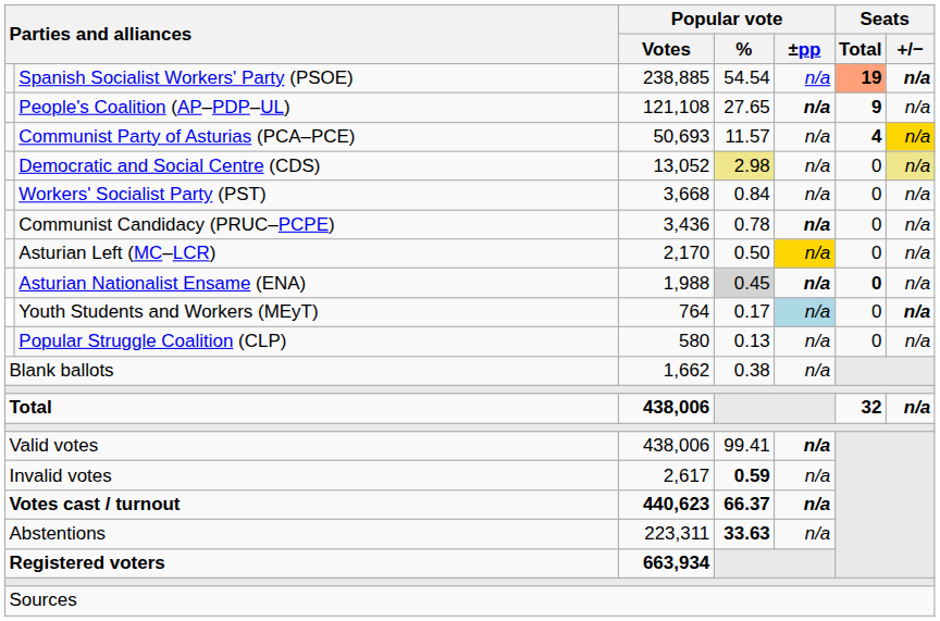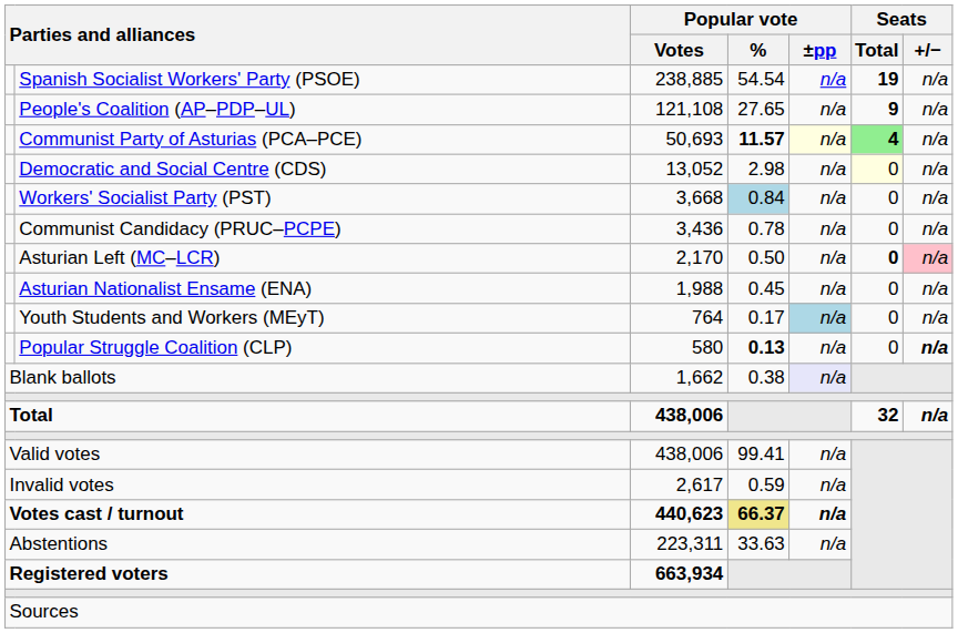 <table class="wikitable" style="text-align:right;">
 <tr>
 <th style="text-align:left;" rowspan="2" colspan="2" width="525">Parties and alliances</th>
 <th colspan="3">Popular vote</th>
 <th colspan="2">Seats</th>
 </tr>
 <tr>
 <th width="75">Votes</th>
 <th width="45">%</th>
 <th width="45">±<a href='#'>pp</a></th>
 <th width="35">Total</th>
 <th width="35">+/−</th>
 </tr>
 <tr>
 <td width="1" style="color:inherit;background:"></td>
 <td align="left"><a href='#'>Spanish Socialist Workers' Party</a> (PSOE)</td>
 <td>238,885</td>
 <td>54.54</td>
 <td><em><a href='#'>n/a</a></em></td>
-<td style="background: lightsalmon;"><strong>19</strong></td>
-<td><strong><em>n/a</em></strong></td>
+<td><strong>19</strong></td>
+<td><em>n/a</em></td>
 </tr>
 <tr>
 <td style="color:inherit;background:"></td>
 <td align="left"><a href='#'>People's Coalition</a> (<a href='#'>AP</a>–<a href='#'>PDP</a>–<a href='#'>UL</a>)</td>
 <td>121,108</td>
 <td>27.65</td>
-<td><strong><em>n/a</em></strong></td>
+<td><em>n/a</em></td>
 <td><strong>9</strong></td>
 <td><em>n/a</em></td>
 </tr>
 <tr>
 <td style="color:inherit;background:"></td>
 <td align="left"><a href='#'>Communist Party of Asturias</a> (PCA–PCE)</td>
 <td>50,693</td>
-<td>11.57</td>
+<td><strong>11.57</strong></td>
+<td style="background: lightyellow;"><em>n/a</em></td>
+<td style="background: lightgreen;"><strong>4</strong></td>
 <td><em>n/a</em></td>
-<td><strong>4</strong></td>
-<td style="background: gold;"><em>n/a</em></td>
 </tr>
 <tr>
 <td style="color:inherit;background:"></td>
 <td align="left"><a href='#'>Democratic and Social Centre</a> (CDS)</td>
 <td>13,052</td>
-<td style="background: khaki;">2.98</td>
+<td>2.98</td>
 <td><em>n/a</em></td>
-<td>0</td>
-<td style="background: khaki;"><em>n/a</em></td>
+<td style="background: lightyellow;">0</td>
+<td><em>n/a</em></td>
 </tr>
 <tr>
 <td style="color:inherit;background:"></td>
 <td align="left"><a href='#'>Workers' Socialist Party</a> (PST)</td>
 <td>3,668</td>
-<td>0.84</td>
+<td style="background: lightblue;">0.84</td>
 <td><em>n/a</em></td>
 <td>0</td>
 <td><em>n/a</em></td>
 </tr>
 <tr>
 <td style="color:inherit;background:"></td>
 <td align="left">Communist Candidacy (PRUC–<a href='#'>PCPE</a>)</td>
 <td>3,436</td>
 <td>0.78</td>
-<td><strong><em>n/a</em></strong></td>
+<td><em>n/a</em></td>
 <td>0</td>
 <td><em>n/a</em></td>
 </tr>
 <tr>
 <td style="color:inherit;background:"></td>
 <td align="left">Asturian Left (<a href='#'>MC</a>–<a href='#'>LCR</a>)</td>
 <td>2,170</td>
 <td>0.50</td>
-<td style="background: gold;"><em>n/a</em></td>
-<td>0</td>
 <td><em>n/a</em></td>
+<td><strong>0</strong></td>
+<td style="background: pink;"><em>n/a</em></td>
 </tr>
 <tr>
 <td style="color:inherit;background:"></td>
 <td align="left"><a href='#'>Asturian Nationalist Ensame</a> (ENA)</td>
 <td>1,988</td>
-<td style="background: lightgrey;">0.45</td>
-<td><strong><em>n/a</em></strong></td>
-<td><strong>0</strong></td>
+<td>0.45</td>
+<td><em>n/a</em></td>
+<td>0</td>
 <td><em>n/a</em></td>
 </tr>
 <tr>
 <td bgcolor="white"></td>
 <td align="left">Youth Students and Workers (MEyT)</td>
 <td>764</td>
 <td>0.17</td>
 <td style="background: lightblue;"><em>n/a</em></td>
 <td>0</td>
-<td><strong><em>n/a</em></strong></td>
+<td><em>n/a</em></td>
 </tr>
 <tr>
 <td style="color:inherit;background:"></td>
 <td align="left"><a href='#'>Popular Struggle Coalition</a> (CLP)</td>
 <td>580</td>
-<td>0.13</td>
+<td><strong>0.13</strong></td>
 <td><em>n/a</em></td>
 <td>0</td>
-<td><em>n/a</em></td>
+<td><strong><em>n/a</em></strong></td>
 </tr>
 <tr>
 <td align="left" colspan="2">Blank ballots</td>
 <td>1,662</td>
 <td>0.38</td>
-<td><em>n/a</em></td>
+<td style="background: lavender;"><em>n/a</em></td>
 <td bgcolor="#E9E9E9" colspan="2"></td>
 </tr>
 <tr>
 <td colspan="7" bgcolor="#E9E9E9"></td>
 </tr>
 <tr style="font-weight:bold;">
 <td align="left" colspan="2">Total</td>
 <td>438,006</td>
 <td bgcolor="#E9E9E9" colspan="2"></td>
 <td>32</td>
 <td><em>n/a</em></td>
 </tr>
 <tr>
 <td colspan="7" bgcolor="#E9E9E9"></td>
 </tr>
 <tr>
 <td align="left" colspan="2">Valid votes</td>
 <td>438,006</td>
 <td>99.41</td>
-<td><strong><em>n/a</em></strong></td>
+<td><em>n/a</em></td>
 <td bgcolor="#E9E9E9" colspan="2" rowspan="5"></td>
 </tr>
 <tr>
 <td align="left" colspan="2">Invalid votes</td>
 <td>2,617</td>
-<td><strong>0.59</strong></td>
+<td>0.59</td>
 <td><em>n/a</em></td>
 </tr>
 <tr style="font-weight:bold;">
 <td align="left" colspan="2">Votes cast / turnout</td>
 <td>440,623</td>
-<td>66.37</td>
+<td style="background: khaki;">66.37</td>
 <td><em>n/a</em></td>
 </tr>
 <tr>
 <td align="left" colspan="2">Abstentions</td>
 <td>223,311</td>
-<td><strong>33.63</strong></td>
+<td>33.63</td>
 <td><em>n/a</em></td>
 </tr>
 <tr style="font-weight:bold;">
 <td align="left" colspan="2">Registered voters</td>
 <td>663,934</td>
 <td bgcolor="#E9E9E9" colspan="2"></td>
 </tr>
 <tr>
 <td colspan="7" bgcolor="#E9E9E9"></td>
 </tr>
 <tr>
 <td align="left" colspan="7">Sources</td>
 </tr>
 </table>
